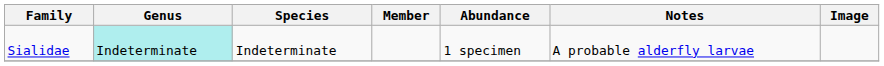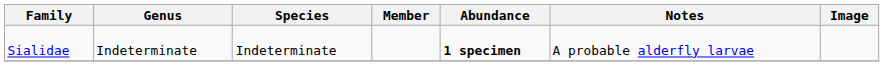 <table class="wikitable" style="margin:auto;width:100%;">
 <tr>
 <th>Family</th>
 <th>Genus</th>
 <th>Species</th>
 <th>Member</th>
 <th>Abundance</th>
 <th>Notes</th>
 <th>Image</th>
 </tr>
 <tr>
 <td><br><a href='#'>Sialidae</a></td>
-<td style="background: paleturquoise;"><br>Indeterminate</td>
+<td><br>Indeterminate</td>
 <td><br>Indeterminate</td>
 <td></td>
-<td><br>1 specimen</td>
+<td><strong><br>1 specimen</strong></td>
 <td><br>A probable <a href='#'>alderfly larvae</a></td>
 <td></td>
 </tr>
 <tr>
 </tr>
 </table>
